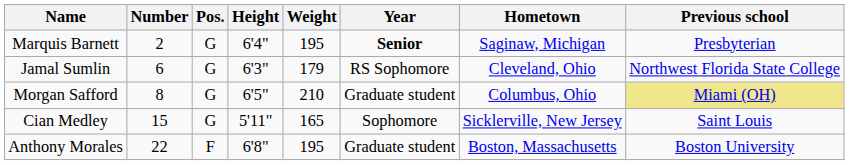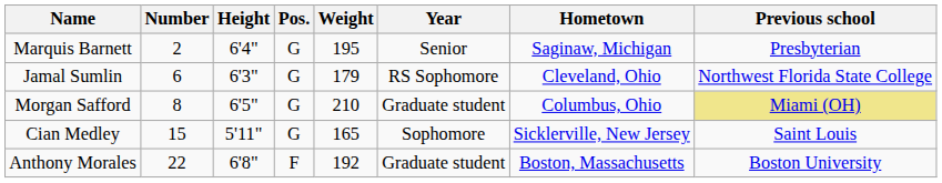 <table class="wikitable sortable" style="text-align:center">
 <tr align=center>
 <th>Name</th>
 <th>Number</th>
+<th>Height</th>
 <th>Pos.</th>
-<th>Height</th>
 <th>Weight</th>
 <th>Year</th>
 <th>Hometown</th>
 <th class="unsortable">Previous school</th>
 </tr>
 <tr>
 <td>Marquis Barnett</td>
 <td>2</td>
+<td>6'4"</td>
 <td>G</td>
-<td>6'4"</td>
 <td>195</td>
-<td><strong>Senior</strong></td>
+<td>Senior</td>
 <td><a href='#'>Saginaw, Michigan</a></td>
 <td><a href='#'>Presbyterian</a></td>
 </tr>
 <tr>
 <td>Jamal Sumlin</td>
 <td>6</td>
+<td>6'3"</td>
 <td>G</td>
-<td>6'3"</td>
 <td>179</td>
 <td>RS Sophomore</td>
 <td><a href='#'>Cleveland, Ohio</a></td>
 <td><a href='#'>Northwest Florida State College</a></td>
 </tr>
 <tr>
 <td>Morgan Safford</td>
 <td>8</td>
+<td>6'5"</td>
 <td>G</td>
-<td>6'5"</td>
 <td>210</td>
 <td>Graduate student</td>
 <td><a href='#'>Columbus, Ohio</a></td>
 <td style="background: khaki;"><a href='#'>Miami (OH)</a></td>
 </tr>
 <tr>
 <td>Cian Medley</td>
 <td>15</td>
+<td>5'11"</td>
 <td>G</td>
-<td>5'11"</td>
 <td>165</td>
 <td>Sophomore</td>
 <td><a href='#'>Sicklerville, New Jersey</a></td>
 <td><a href='#'>Saint Louis</a></td>
 </tr>
 <tr>
 <td>Anthony Morales</td>
 <td>22</td>
+<td>6'8"</td>
 <td>F</td>
-<td>6'8"</td>
-<td>195</td>
+<td>192</td>
 <td>Graduate student</td>
 <td><a href='#'>Boston, Massachusetts</a></td>
 <td><a href='#'>Boston University</a></td>
 </tr>
 </table>
